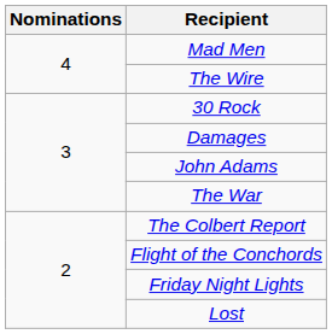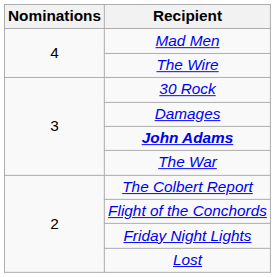 <table class="wikitable sortable" rowspan="2" style="text-align:center;">
 <tr>
 <th scope="col" style="width:55px;">Nominations</th>
 <th scope="col" style="text-align:center;">Recipient</th>
 </tr>
 <tr>
 <td rowspan=2 style="text-align:center">4</td>
 <td><em><a href='#'>Mad Men</a></em></td>
 </tr>
 <tr>
 <td><em><a href='#'>The Wire</a></em></td>
 </tr>
 <tr>
 <td rowspan="4" style="text-align:center;">3</td>
 <td><em><a href='#'>30 Rock</a></em></td>
 </tr>
 <tr>
 <td><em><a href='#'>Damages</a></em></td>
 </tr>
 <tr>
-<td><em><a href='#'>John Adams</a></em></td>
+<td><strong><em><a href='#'>John Adams</a></em></strong></td>
 </tr>
 <tr>
 <td><em><a href='#'>The War</a></em></td>
 </tr>
 <tr>
 <td rowspan="4" style="text-align:center">2</td>
 <td><em><a href='#'>The Colbert Report</a></em></td>
 </tr>
 <tr>
 <td><em><a href='#'>Flight of the Conchords</a></em></td>
 </tr>
 <tr>
 <td><em><a href='#'>Friday Night Lights</a></em></td>
 </tr>
 <tr>
 <td><em><a href='#'>Lost</a></em></td>
 </tr>
 </table>
